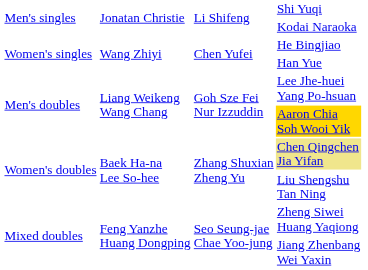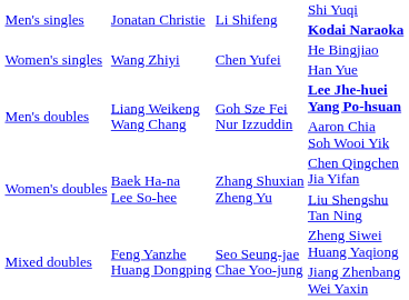 <table>
 <tr>
 <td rowspan="2"><a href='#'>Men's singles</a></td>
 <td rowspan="2"> <a href='#'>Jonatan Christie</a></td>
 <td rowspan="2"> <a href='#'>Li Shifeng</a></td>
 <td> <a href='#'>Shi Yuqi</a></td>
 </tr>
 <tr>
-<td> <a href='#'>Kodai Naraoka</a></td>
+<td><strong> <a href='#'>Kodai Naraoka</a></strong></td>
 </tr>
 <tr>
 <td rowspan="2"><a href='#'>Women's singles</a></td>
 <td rowspan="2"> <a href='#'>Wang Zhiyi</a></td>
 <td rowspan="2"> <a href='#'>Chen Yufei</a></td>
 <td> <a href='#'>He Bingjiao</a></td>
 </tr>
 <tr>
 <td> <a href='#'>Han Yue</a></td>
 </tr>
 <tr>
 <td rowspan="2"><a href='#'>Men's doubles</a></td>
 <td rowspan="2"> <a href='#'>Liang Weikeng</a><br> <a href='#'>Wang Chang</a></td>
 <td rowspan="2"> <a href='#'>Goh Sze Fei</a><br> <a href='#'>Nur Izzuddin</a></td>
-<td> <a href='#'>Lee Jhe-huei</a><br> <a href='#'>Yang Po-hsuan</a></td>
+<td><strong> <a href='#'>Lee Jhe-huei</a><br> <a href='#'>Yang Po-hsuan</a></strong></td>
 </tr>
 <tr>
-<td style="background: gold;"> <a href='#'>Aaron Chia</a><br> <a href='#'>Soh Wooi Yik</a></td>
+<td> <a href='#'>Aaron Chia</a><br> <a href='#'>Soh Wooi Yik</a></td>
 </tr>
 <tr>
 <td rowspan="2"><a href='#'>Women's doubles</a></td>
 <td rowspan="2"> <a href='#'>Baek Ha-na</a><br> <a href='#'>Lee So-hee</a></td>
 <td rowspan="2"> <a href='#'>Zhang Shuxian</a><br> <a href='#'>Zheng Yu</a></td>
-<td style="background: khaki;"> <a href='#'>Chen Qingchen</a><br> <a href='#'>Jia Yifan</a></td>
+<td> <a href='#'>Chen Qingchen</a><br> <a href='#'>Jia Yifan</a></td>
 </tr>
 <tr>
 <td> <a href='#'>Liu Shengshu</a><br> <a href='#'>Tan Ning</a></td>
 </tr>
 <tr>
 <td rowspan="2"><a href='#'>Mixed doubles</a></td>
 <td rowspan="2"> <a href='#'>Feng Yanzhe</a><br> <a href='#'>Huang Dongping</a></td>
 <td rowspan="2"> <a href='#'>Seo Seung-jae</a><br> <a href='#'>Chae Yoo-jung</a></td>
 <td> <a href='#'>Zheng Siwei</a><br> <a href='#'>Huang Yaqiong</a></td>
 </tr>
 <tr>
 <td> <a href='#'>Jiang Zhenbang</a><br> <a href='#'>Wei Yaxin</a></td>
 </tr>
 </table>
